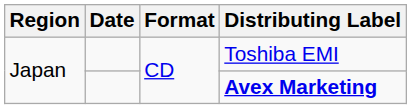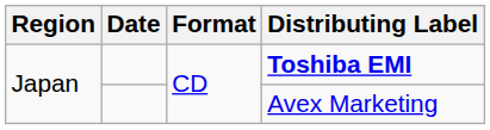 <table class="wikitable">
 <tr>
 <th>Region</th>
 <th>Date</th>
 <th>Format</th>
 <th>Distributing Label</th>
 </tr>
 <tr>
 <td rowspan=2>Japan</td>
 <td></td>
 <td rowspan=2><a href='#'>CD</a></td>
-<td><a href='#'>Toshiba EMI</a></td>
+<td><strong><a href='#'>Toshiba EMI</a></strong></td>
 </tr>
 <tr>
 <td></td>
-<td><strong><a href='#'>Avex Marketing</a></strong></td>
+<td><a href='#'>Avex Marketing</a></td>
 </tr>
 </table>
